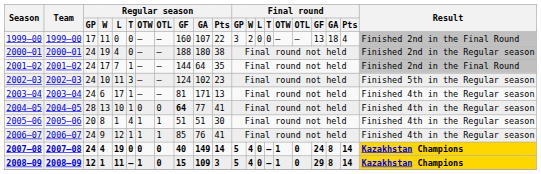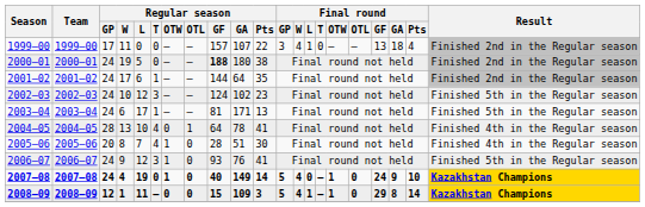 <table class="wikitable">
 <tr style="font-weight:bold; background-color:#dddddd;">
 <th rowspan="2">Season</th>
 <th rowspan="2">Team</th>
 <th colspan="9">Regular season</th>
 <th colspan="9">Final round</th>
 <th rowspan="2">Result</th>
 </tr>
 <tr>
 <th>GP</th>
 <th>W</th>
 <th>L</th>
 <th>T</th>
 <th>OTW</th>
 <th>OTL</th>
 <th>GF</th>
 <th>GA</th>
 <th>Pts</th>
 <th>GP</th>
 <th>W</th>
 <th>L</th>
 <th>T</th>
 <th>OTW</th>
 <th>OTL</th>
 <th>GF</th>
 <th>GA</th>
 <th>Pts</th>
 </tr>
 <tr>
 <td><a href='#'>1999–00</a></td>
 <td><a href='#'>1999–00</a></td>
 <td>17</td>
 <td>11</td>
 <td>0</td>
 <td>0</td>
 <td>—</td>
 <td>—</td>
-<td>160</td>
+<td>157</td>
 <td>107</td>
 <td>22</td>
 <td>3</td>
-<td>2</td>
-<td>0</td>
+<td>4</td>
+<td>1</td>
 <td>0</td>
 <td>—</td>
 <td>—</td>
 <td>13</td>
 <td>18</td>
 <td>4</td>
-<td align=left bgcolor="silver">Finished 2nd in the Final Round</td>
+<td align=left bgcolor="silver">Finished 2nd in the Regular season</td>
 </tr>
 <tr bgcolor="#eeeeee">
 <td><a href='#'>2000–01</a></td>
 <td><a href='#'>2000–01</a></td>
 <td>24</td>
 <td>19</td>
-<td>4</td>
+<td>5</td>
 <td>0</td>
 <td>—</td>
 <td>—</td>
-<td>188</td>
+<td><strong>188</strong></td>
 <td>180</td>
 <td>38</td>
 <td align=center colspan="9">Final round not held</td>
 <td align=left bgcolor="silver">Finished 2nd in the Regular season</td>
 </tr>
 <tr>
 <td><a href='#'>2001–02</a></td>
 <td><a href='#'>2001–02</a></td>
 <td>24</td>
 <td>17</td>
-<td>7</td>
+<td>6</td>
 <td>1</td>
 <td>—</td>
 <td>—</td>
 <td>144</td>
 <td>64</td>
 <td>35</td>
 <td align=center colspan="9">Final round not held</td>
-<td align=left bgcolor="silver">Finished 2nd in the Final Round</td>
+<td align=left bgcolor="silver">Finished 2nd in the Regular season</td>
 </tr>
 <tr bgcolor="#eeeeee">
 <td><a href='#'>2002–03</a></td>
 <td><a href='#'>2002–03</a></td>
 <td>24</td>
 <td>10</td>
-<td>11</td>
+<td>12</td>
 <td>3</td>
 <td>—</td>
 <td>—</td>
 <td>124</td>
 <td>102</td>
 <td>23</td>
 <td align=center colspan="9">Final round not held</td>
 <td align=left>Finished 5th in the Regular season</td>
 </tr>
 <tr>
 <td><a href='#'>2003–04</a></td>
 <td><a href='#'>2003–04</a></td>
 <td>24</td>
 <td>6</td>
 <td>17</td>
 <td>1</td>
 <td>—</td>
 <td>—</td>
 <td>81</td>
 <td>171</td>
 <td>13</td>
 <td align=center colspan="9">Final round not held</td>
-<td align=left>Finished 4th in the Regular season</td>
+<td align=left>Finished 5th in the Regular season</td>
 </tr>
 <tr bgcolor="#eeeeee">
 <td><a href='#'>2004–05</a></td>
 <td><a href='#'>2004–05</a></td>
 <td>28</td>
 <td>13</td>
 <td>10</td>
+<td>4</td>
+<td>0</td>
 <td>1</td>
-<td>0</td>
-<td>0</td>
-<td><strong>64</strong></td>
-<td>77</td>
+<td>64</td>
+<td>78</td>
 <td>41</td>
 <td align=center colspan="9">Final round not held</td>
 <td align=left>Finished 4th in the Regular season</td>
 </tr>
 <tr>
 <td><a href='#'>2005–06</a></td>
 <td><a href='#'>2005–06</a></td>
 <td>20</td>
 <td>8</td>
-<td>1</td>
+<td>7</td>
 <td>4</td>
 <td>1</td>
-<td>1</td>
-<td>51</td>
+<td>0</td>
+<td>28</td>
 <td>51</td>
 <td>30</td>
 <td align=center colspan="9">Final round not held</td>
 <td align=left>Finished 4th in the Regular season</td>
 </tr>
 <tr bgcolor="#eeeeee">
 <td><a href='#'>2006–07</a></td>
 <td><a href='#'>2006–07</a></td>
 <td>24</td>
 <td>9</td>
 <td>12</td>
+<td>3</td>
 <td>1</td>
-<td>1</td>
-<td>1</td>
-<td>85</td>
+<td>0</td>
+<td>93</td>
 <td>76</td>
 <td>41</td>
 <td align=center colspan="9">Final round not held</td>
-<td align=left>Finished 4th in the Regular season</td>
+<td align=left>Finished 5th in the Regular season</td>
 </tr>
 <tr>
 <td><strong><a href='#'>2007–08</a></strong></td>
 <td><strong><a href='#'>2007–08</a></strong></td>
 <td><strong>24</strong></td>
 <td><strong>4</strong></td>
 <td><strong>19</strong></td>
 <td><strong>0</strong></td>
-<td><strong>0</strong></td>
+<td><strong>1</strong></td>
 <td><strong>0</strong></td>
 <td><strong>40</strong></td>
 <td><strong>149</strong></td>
 <td><strong>14</strong></td>
 <td><strong>5</strong></td>
 <td><strong>4</strong></td>
 <td><strong>0</strong></td>
 <td><strong>—</strong></td>
 <td><strong>1</strong></td>
 <td><strong>0</strong></td>
 <td><strong>24</strong></td>
-<td><strong>8</strong></td>
-<td><strong>14</strong></td>
+<td><strong>9</strong></td>
+<td><strong>10</strong></td>
 <td align=left bgcolor="gold"><strong><a href='#'>Kazakhstan</a> Champions</strong></td>
 </tr>
 <tr bgcolor="#eeeeee">
 <td><strong><a href='#'>2008–09</a></strong></td>
 <td><strong><a href='#'>2008–09</a></strong></td>
 <td><strong>12</strong></td>
 <td><strong>1</strong></td>
 <td><strong>11</strong></td>
 <td><strong>—</strong></td>
-<td><strong>1</strong></td>
+<td><strong>0</strong></td>
 <td><strong>0</strong></td>
 <td><strong>15</strong></td>
 <td><strong>109</strong></td>
 <td><strong>3</strong></td>
 <td><strong>5</strong></td>
 <td><strong>4</strong></td>
-<td><strong>0</strong></td>
+<td><strong>1</strong></td>
 <td><strong>—</strong></td>
 <td><strong>1</strong></td>
 <td><strong>0</strong></td>
 <td><strong>29</strong></td>
 <td><strong>8</strong></td>
 <td><strong>14</strong></td>
 <td align=left bgcolor="gold"><strong><a href='#'>Kazakhstan</a> Champions</strong></td>
 </tr>
 <tr>
 </tr>
 </table>
